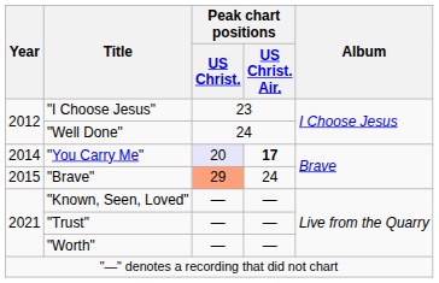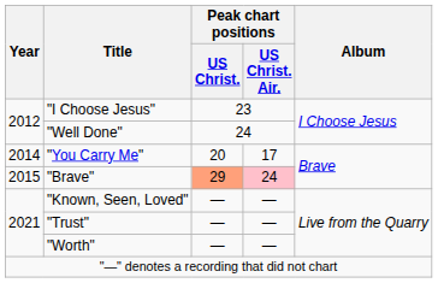 <table class="wikitable"  style="text-align:center">
 <tr>
 <th scope="col" rowspan="2"><strong>Year</strong></th>
 <th scope="col" rowspan="2"><strong>Title</strong></th>
 <th scope="col" style="width:3em" colspan="2"><strong>Peak chart positions</strong></th>
 <th scope="col" rowspan="2"><strong>Album</strong></th>
 </tr>
 <tr>
 <th><a href='#'>US<br>Christ.</a><br></th>
 <th><a href='#'>US<br>Christ.<br>Air.</a><br></th>
 </tr>
 <tr>
 <td style="text-align:left" rowspan="2">2012</td>
 <td style="text-align:left">"I Choose Jesus"</td>
 <td colspan="2">23</td>
 <td style="text-align:left"  rowspan="2"><em><a href='#'>I Choose Jesus</a></em></td>
 </tr>
 <tr>
 <td style="text-align:left">"Well Done"</td>
 <td colspan="2">24</td>
 </tr>
 <tr>
 <td style="text-align:left">2014</td>
 <td style="text-align:left">"<a href='#'>You Carry Me</a>"</td>
-<td style="background: lavender;">20</td>
-<td><strong>17</strong></td>
+<td>20</td>
+<td>17</td>
 <td style="text-align:left" rowspan="2"><em><a href='#'>Brave</a></em></td>
 </tr>
 <tr>
 <td style="text-align:left">2015</td>
 <td style="text-align:left">"Brave" </td>
 <td style="background: lightsalmon;">29</td>
-<td>24</td>
+<td style="background: pink;">24</td>
 </tr>
 <tr>
 <td style="text-align:left" rowspan="3">2021</td>
 <td style="text-align:left">"Known, Seen, Loved"</td>
 <td>—</td>
 <td>—</td>
 <td style="text-align:left" rowspan="3"><em>Live from the Quarry</em></td>
 </tr>
 <tr>
 <td style="text-align:left">"Trust"</td>
 <td>—</td>
 <td>—</td>
 </tr>
 <tr>
 <td style="text-align:left">"Worth" </td>
 <td>—</td>
 <td>—</td>
 </tr>
 <tr>
 <td colspan="5" style="font-size:90%">"—" denotes a recording that did not chart</td>
 </tr>
 </table>
